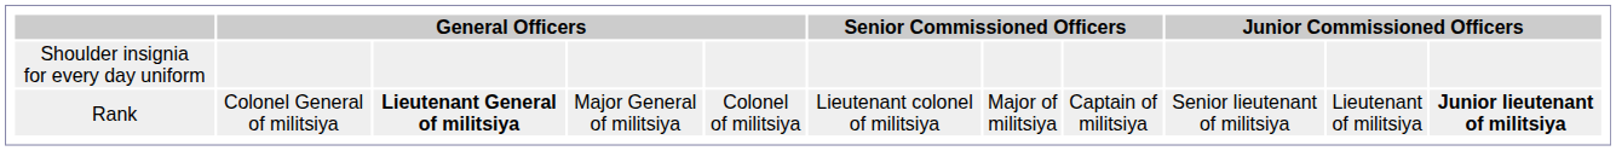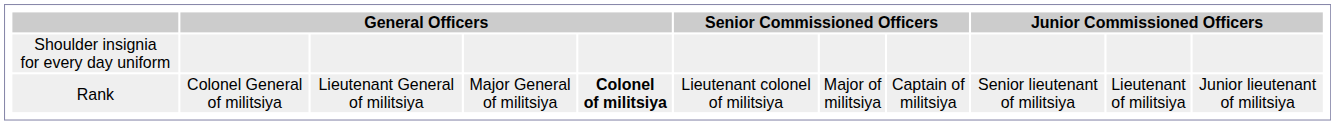 <table style="width:100%; border:1px solid #8888aa; background:#fff; padding:5px; font-size:95%; margin:0 12px 12px 0; text-align:center;">
 <tr style="background:#ccc;">
 <th></th>
 <th colspan="4">General Officers</th>
 <th colspan="3">Senior Commissioned Officers</th>
 <th colspan="4">Junior Commissioned Officers</th>
 </tr>
 <tr style="background:#efefef;">
 <td>Shoulder insignia<br>for every day uniform</td>
 <td></td>
 <td></td>
 <td></td>
 <td></td>
 <td></td>
 <td></td>
 <td></td>
 <td></td>
 <td></td>
 <td></td>
 </tr>
 <tr style="background:#efefef;">
 <td>Rank</td>
 <td>Colonel General<br>of militsiya</td>
-<td><strong>Lieutenant General<br>of militsiya</strong></td>
+<td>Lieutenant General<br>of militsiya</td>
 <td>Major General<br>of militsiya</td>
-<td>Colonel<br>of militsiya</td>
+<td><strong>Colonel<br>of militsiya</strong></td>
 <td>Lieutenant colonel<br>of militsiya</td>
 <td>Major of<br>militsiya</td>
 <td>Captain of<br>militsiya</td>
 <td>Senior lieutenant<br>of militsiya</td>
 <td>Lieutenant<br>of militsiya</td>
-<td><strong>Junior lieutenant<br>of militsiya</strong></td>
+<td>Junior lieutenant<br>of militsiya</td>
 </tr>
 </table>
